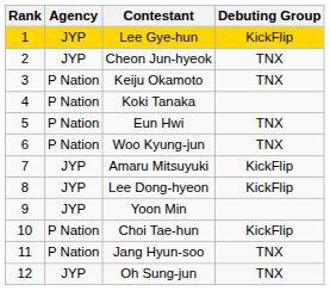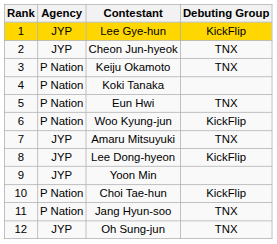 <table class="wikitable" style="text-align:center;">
 <tr>
 <th>Rank</th>
 <th>Agency</th>
 <th>Contestant</th>
 <th>Debuting Group</th>
 </tr>
 <tr style="background:gold;">
 <td>1</td>
 <td>JYP</td>
 <td>Lee Gye-hun</td>
 <td>KickFlip</td>
 </tr>
 <tr>
 <td>2</td>
 <td>JYP</td>
 <td>Cheon Jun-hyeok</td>
 <td>TNX</td>
 </tr>
 <tr>
 <td>3</td>
 <td>P Nation</td>
 <td>Keiju Okamoto</td>
 <td>TNX</td>
 </tr>
 <tr>
 <td>4</td>
 <td>P Nation</td>
 <td>Koki Tanaka</td>
 <td></td>
 </tr>
 <tr>
 <td>5</td>
 <td>P Nation</td>
 <td>Eun Hwi</td>
 <td>TNX</td>
 </tr>
 <tr>
 <td>6</td>
 <td>P Nation</td>
 <td>Woo Kyung-jun</td>
-<td>TNX</td>
+<td>KickFlip</td>
 </tr>
 <tr>
 <td>7</td>
 <td>JYP</td>
 <td>Amaru Mitsuyuki</td>
-<td>KickFlip</td>
+<td>TNX</td>
 </tr>
 <tr>
 <td>8</td>
 <td>JYP</td>
 <td>Lee Dong-hyeon</td>
 <td>KickFlip</td>
 </tr>
 <tr>
 <td>9</td>
 <td>JYP</td>
 <td>Yoon Min</td>
 <td></td>
 </tr>
 <tr>
 <td>10</td>
 <td>P Nation</td>
 <td>Choi Tae-hun</td>
 <td>KickFlip</td>
 </tr>
 <tr>
 <td>11</td>
 <td>P Nation</td>
 <td>Jang Hyun-soo</td>
 <td>TNX</td>
 </tr>
 <tr>
 <td>12</td>
 <td>JYP</td>
 <td>Oh Sung-jun</td>
 <td>TNX</td>
 </tr>
 </table>
